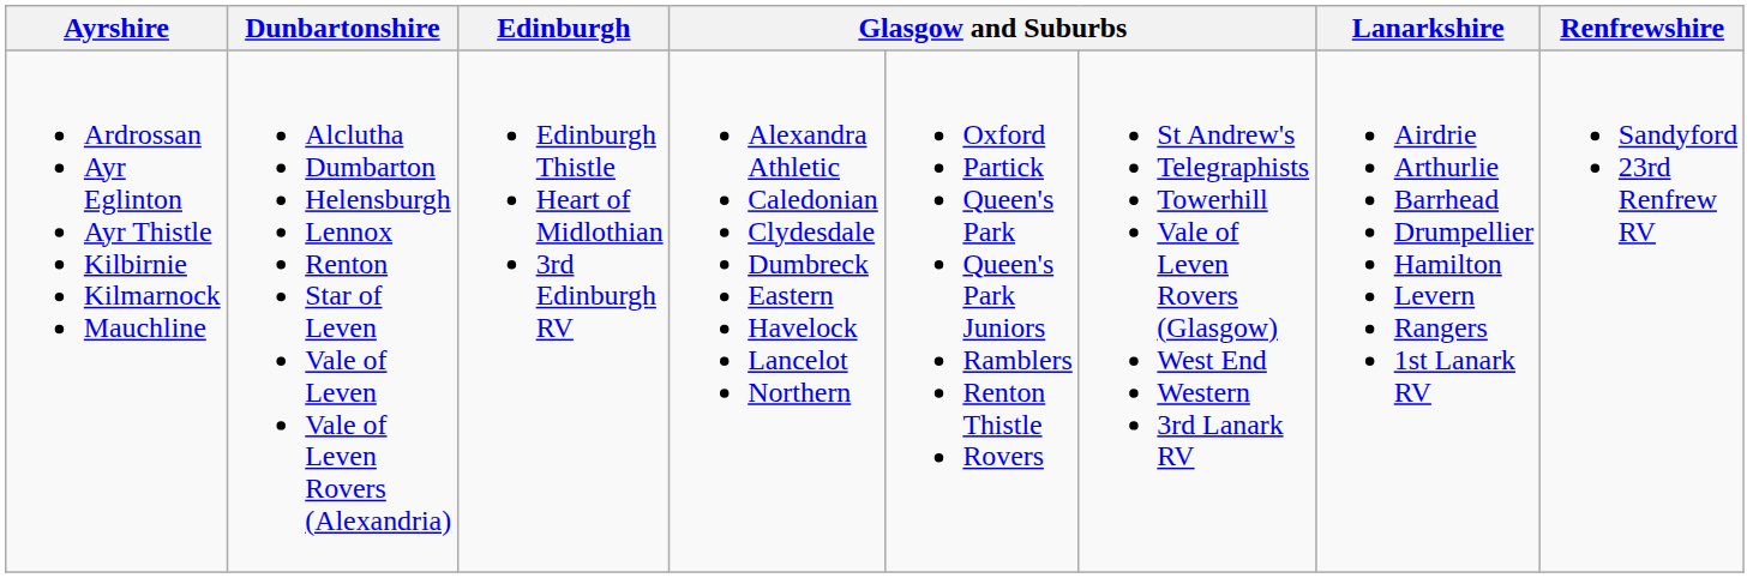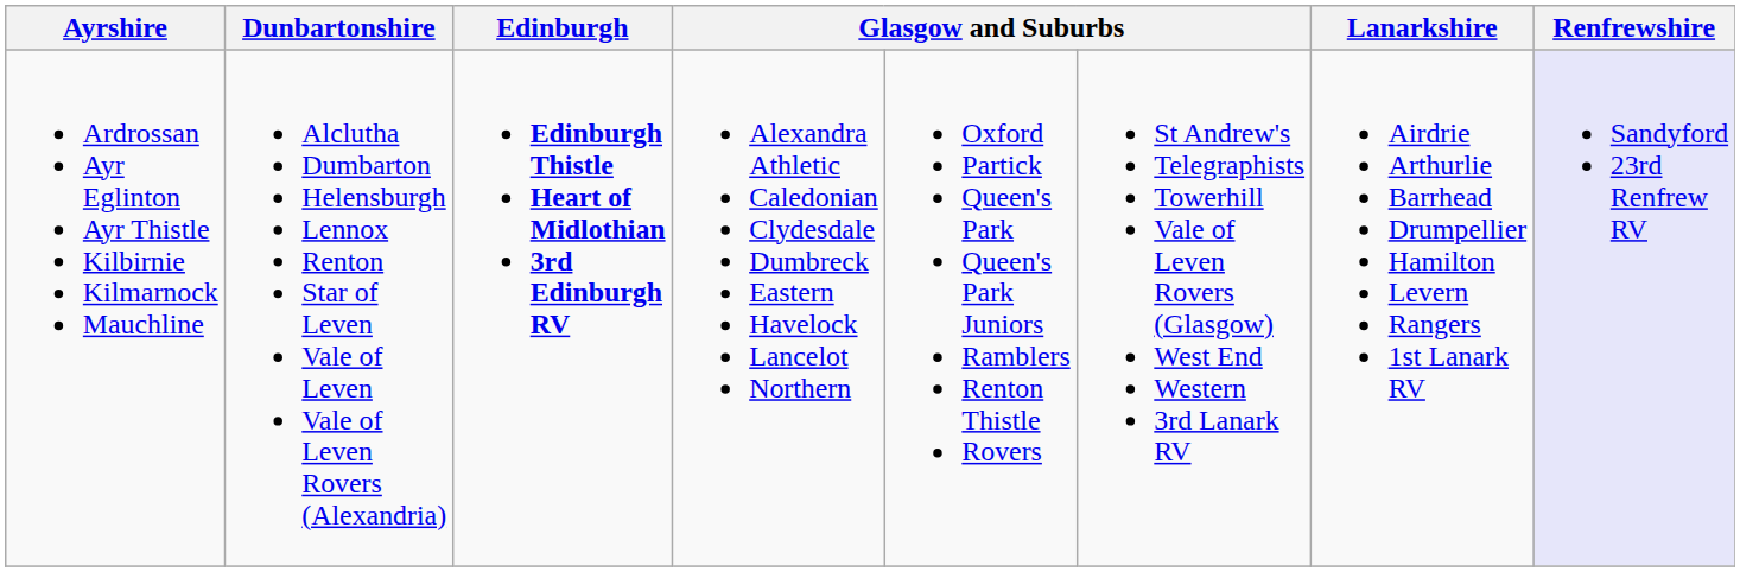 <table class="wikitable" style="text-align:left">
 <tr>
 <th scope="col"><a href='#'>Ayrshire</a></th>
 <th scope="col"><a href='#'>Dunbartonshire</a></th>
 <th scope="col"><a href='#'>Edinburgh</a></th>
 <th colspan=3 scope="col"><a href='#'>Glasgow</a> and Suburbs</th>
 <th scope="col"><a href='#'>Lanarkshire</a></th>
 <th scope="col"><a href='#'>Renfrewshire</a></th>
 </tr>
 <tr>
 <td valign=top><br><ul><li><a href='#'>Ardrossan</a></li><li><a href='#'>Ayr Eglinton</a></li><li><a href='#'>Ayr Thistle</a></li><li><a href='#'>Kilbirnie</a></li><li><a href='#'>Kilmarnock</a></li><li><a href='#'>Mauchline</a></li></ul></td>
 <td valign=top><br><ul><li><a href='#'>Alclutha</a></li><li><a href='#'>Dumbarton</a></li><li><a href='#'>Helensburgh</a></li><li><a href='#'>Lennox</a></li><li><a href='#'>Renton</a></li><li><a href='#'>Star of Leven</a></li><li><a href='#'>Vale of Leven</a></li><li><a href='#'>Vale of Leven Rovers (Alexandria)</a></li></ul></td>
-<td valign=top><br><ul><li><a href='#'>Edinburgh Thistle</a></li><li><a href='#'>Heart of Midlothian</a></li><li><a href='#'>3rd Edinburgh RV</a></li></ul></td>
+<td valign=top><strong><br><ul><li><a href='#'>Edinburgh Thistle</a></li><li><a href='#'>Heart of Midlothian</a></li><li><a href='#'>3rd Edinburgh RV</a></li></ul></strong></td>
 <td valign=top><br><ul><li><a href='#'>Alexandra Athletic</a></li><li><a href='#'>Caledonian</a></li><li><a href='#'>Clydesdale</a></li><li><a href='#'>Dumbreck</a></li><li><a href='#'>Eastern</a></li><li><a href='#'>Havelock</a></li><li><a href='#'>Lancelot</a></li><li><a href='#'>Northern</a></li></ul></td>
 <td valign=top><br><ul><li><a href='#'>Oxford</a></li><li><a href='#'>Partick</a></li><li><a href='#'>Queen's Park</a></li><li><a href='#'>Queen's Park Juniors</a></li><li><a href='#'>Ramblers</a></li><li><a href='#'>Renton Thistle</a></li><li><a href='#'>Rovers</a></li></ul></td>
 <td valign=top><br><ul><li><a href='#'>St Andrew's</a></li><li><a href='#'>Telegraphists</a></li><li><a href='#'>Towerhill</a></li><li><a href='#'>Vale of Leven Rovers (Glasgow)</a></li><li><a href='#'>West End</a></li><li><a href='#'>Western</a></li><li><a href='#'>3rd Lanark RV</a></li></ul></td>
 <td valign=top><br><ul><li><a href='#'>Airdrie</a></li><li><a href='#'>Arthurlie</a></li><li><a href='#'>Barrhead</a></li><li><a href='#'>Drumpellier</a></li><li><a href='#'>Hamilton</a></li><li><a href='#'>Levern</a></li><li><a href='#'>Rangers</a></li><li><a href='#'>1st Lanark RV</a></li></ul></td>
-<td valign=top><br><ul><li><a href='#'>Sandyford</a></li><li><a href='#'>23rd Renfrew RV</a></li></ul></td>
+<td valign=top style="background: lavender;"><br><ul><li><a href='#'>Sandyford</a></li><li><a href='#'>23rd Renfrew RV</a></li></ul></td>
 </tr>
 </table>
